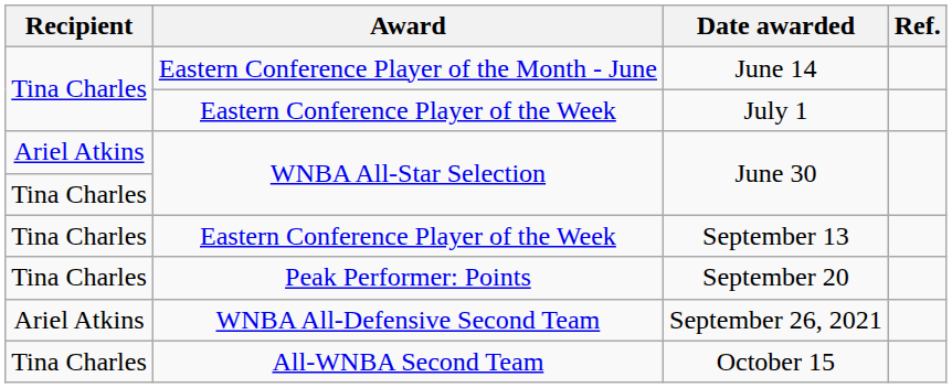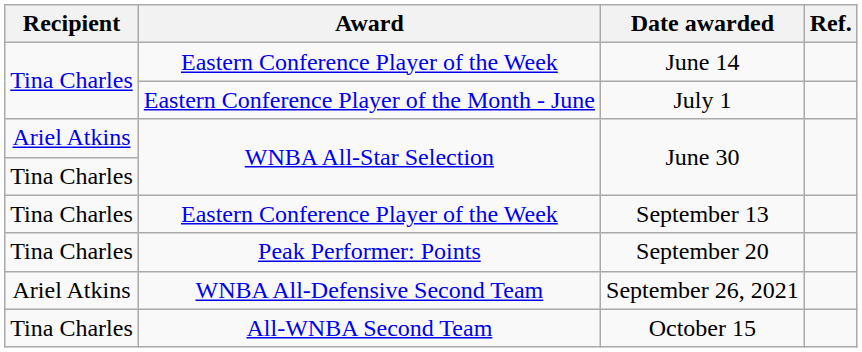 <table class="wikitable sortable sortable" style="text-align: center">
 <tr>
 <th>Recipient</th>
 <th>Award</th>
 <th>Date awarded</th>
 <th>Ref.</th>
 </tr>
 <tr>
 <td rowspan=2><a href='#'>Tina Charles</a></td>
-<td><a href='#'>Eastern Conference Player of the Month - June</a></td>
+<td><a href='#'>Eastern Conference Player of the Week</a></td>
 <td>June 14</td>
 <td></td>
 </tr>
 <tr>
-<td><a href='#'>Eastern Conference Player of the Week</a></td>
+<td><a href='#'>Eastern Conference Player of the Month - June</a></td>
 <td>July 1</td>
 <td></td>
 </tr>
 <tr>
 <td><a href='#'>Ariel Atkins</a></td>
 <td rowspan=2><a href='#'>WNBA All-Star Selection</a></td>
 <td rowspan=2>June 30</td>
 <td rowspan=2></td>
 </tr>
 <tr>
 <td>Tina Charles</td>
 </tr>
 <tr>
 <td>Tina Charles</td>
 <td><a href='#'>Eastern Conference Player of the Week</a></td>
 <td>September 13</td>
 <td></td>
 </tr>
 <tr>
 <td>Tina Charles</td>
 <td><a href='#'>Peak Performer: Points</a></td>
 <td>September 20</td>
 <td></td>
 </tr>
 <tr>
 <td>Ariel Atkins</td>
 <td><a href='#'>WNBA All-Defensive Second Team</a></td>
 <td>September 26, 2021</td>
 <td></td>
 </tr>
 <tr>
 <td>Tina Charles</td>
 <td><a href='#'>All-WNBA Second Team</a></td>
 <td>October 15</td>
 <td></td>
 </tr>
 </table>
